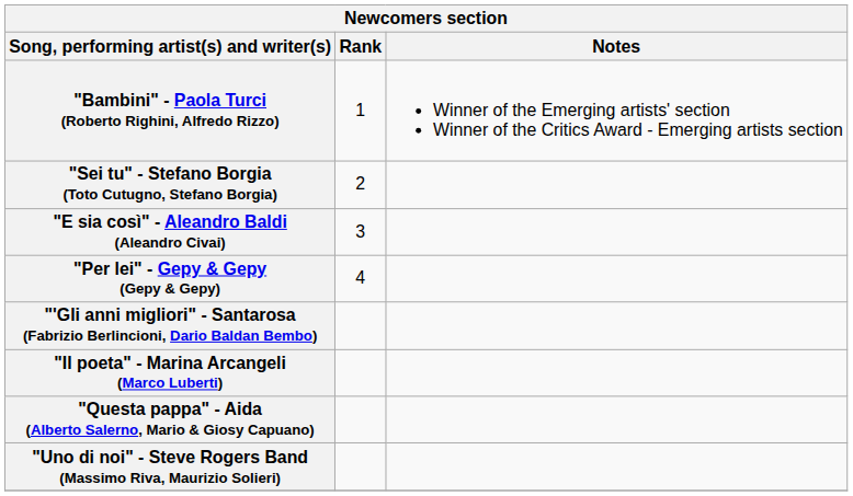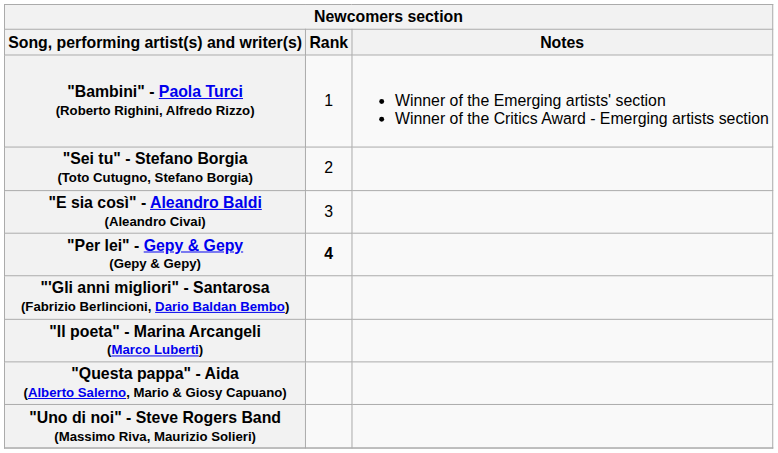 <table class="plainrowheaders wikitable">
 <tr>
 <th colspan="3">Newcomers section </th>
 </tr>
 <tr>
 <th>Song, performing artist(s) and writer(s)</th>
 <th>Rank</th>
 <th>Notes</th>
 </tr>
 <tr>
 <th scope="row">"Bambini" - <a href='#'>Paola Turci</a> <br><small>(Roberto Righini, Alfredo Rizzo)</small></th>
 <td style="text-align:center;">1</td>
 <td><br><ul><li>Winner of the Emerging artists' section</li><li>Winner of the Critics Award - Emerging artists section</li></ul></td>
 </tr>
 <tr>
 <th scope="row">"Sei tu" - Stefano Borgia <br><small>(Toto Cutugno, Stefano Borgia)</small></th>
 <td style="text-align:center;">2</td>
 <td></td>
 </tr>
 <tr>
 <th scope="row">"E sia così" - <a href='#'>Aleandro Baldi</a> <br><small>(Aleandro Civai)</small></th>
 <td style="text-align:center;">3</td>
 <td></td>
 </tr>
 <tr>
 <th scope="row">"Per lei" - <a href='#'>Gepy & Gepy</a> <br><small>(Gepy & Gepy)</small></th>
-<td style="text-align:center;">4</td>
+<td style="text-align:center;"><strong>4</strong></td>
 <td></td>
 </tr>
 <tr>
 <th scope="row">"'Gli anni migliori" - Santarosa <br><small>(Fabrizio Berlincioni, <a href='#'>Dario Baldan Bembo</a>)</small></th>
 <td></td>
 <td></td>
 </tr>
 <tr>
 <th scope="row">"Il poeta" - Marina Arcangeli <br><small>(<a href='#'>Marco Luberti</a>)</small></th>
 <td></td>
 <td></td>
 </tr>
 <tr>
 <th scope="row">"Questa pappa" - Aida <br><small>(<a href='#'>Alberto Salerno</a>, Mario & Giosy Capuano)</small></th>
 <td></td>
 <td></td>
 </tr>
 <tr>
 <th scope="row">"Uno di noi" - Steve Rogers Band <br><small>(Massimo Riva, Maurizio Solieri)</small></th>
 <td></td>
 <td></td>
 </tr>
 <tr>
 </tr>
 </table>
